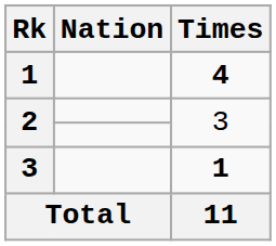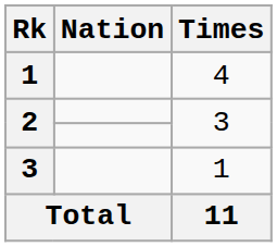 <table class="wikitable sortable" style="text-align: center;">
 <tr>
 <th>Rk</th>
 <th>Nation</th>
 <th>Times</th>
 </tr>
 <tr>
 <th>1</th>
 <td></td>
-<td><strong>4</strong></td>
+<td>4</td>
 </tr>
 <tr>
 <th rowspan=2>2</th>
 <td></td>
 <td rowspan=2>3</td>
 </tr>
 <tr>
 <td></td>
 </tr>
 <tr>
 <th>3</th>
 <td></td>
-<td><strong>1</strong></td>
+<td>1</td>
 </tr>
 <tr class="sortbottom">
 <th colspan="2">Total</th>
 <th>11</th>
 </tr>
 </table>
